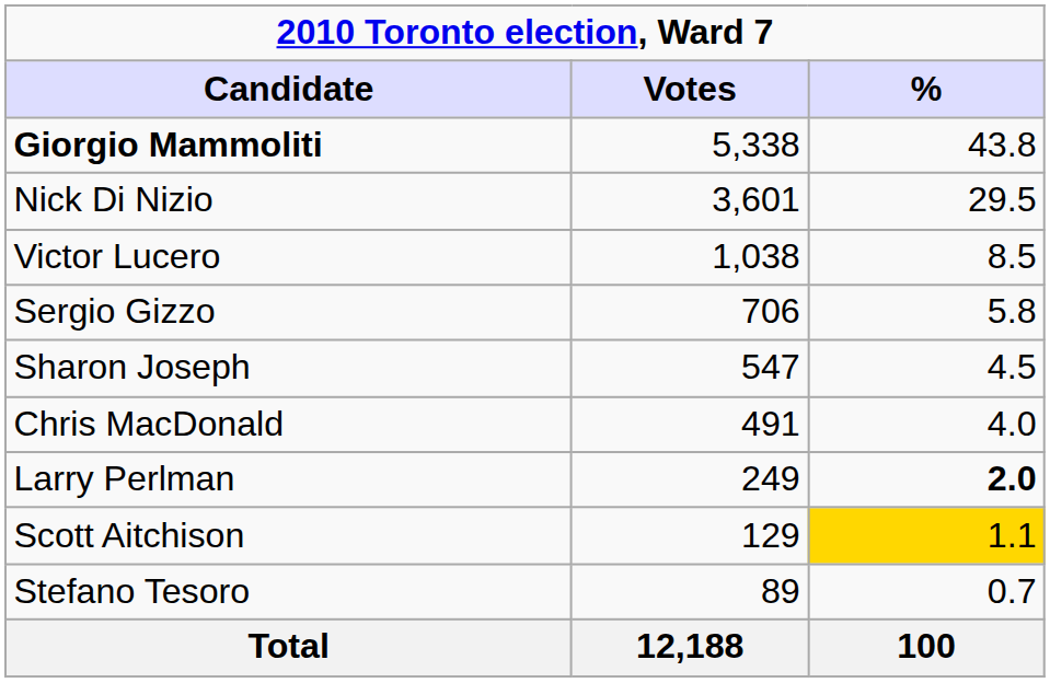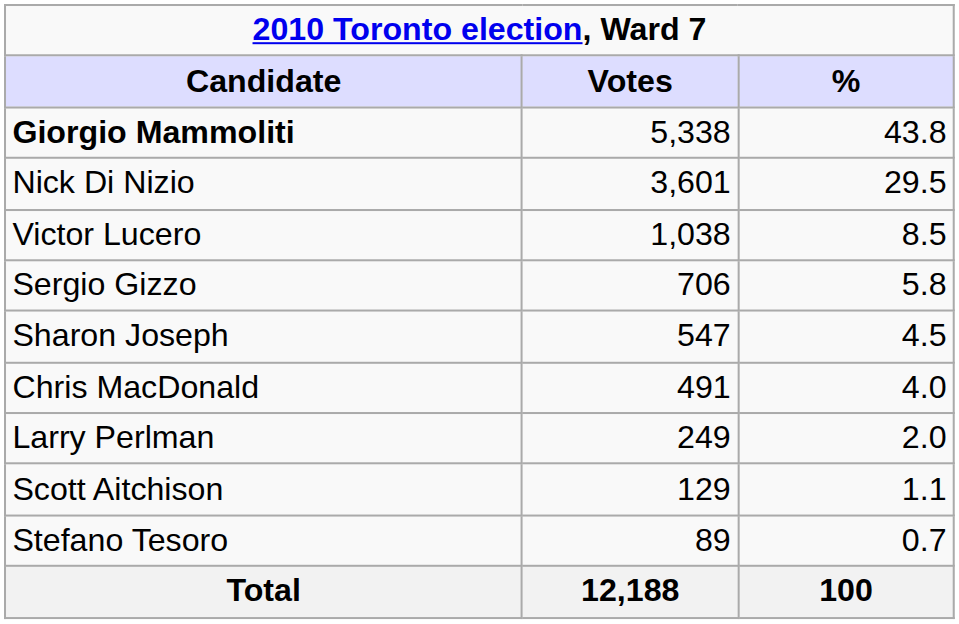 <table class="wikitable">
 <tr>
 <td colspan="3" style="text-align:center;"><strong><a href='#'>2010 Toronto election</a>, Ward 7</strong></td>
 </tr>
 <tr>
 <th style="background:#ddf; width:250px;">Candidate</th>
 <th style="background:#ddf; width:100px;">Votes</th>
 <th style="background:#ddf; width:100px;">%</th>
 </tr>
 <tr>
 <td><strong>Giorgio Mammoliti</strong></td>
 <td align=right>5,338</td>
 <td align=right>43.8</td>
 </tr>
 <tr>
 <td>Nick Di Nizio</td>
 <td align=right>3,601</td>
 <td align=right>29.5</td>
 </tr>
 <tr>
 <td>Victor Lucero</td>
 <td align=right>1,038</td>
 <td align=right>8.5</td>
 </tr>
 <tr>
 <td>Sergio Gizzo</td>
 <td align=right>706</td>
 <td align=right>5.8</td>
 </tr>
 <tr>
 <td>Sharon Joseph</td>
 <td align=right>547</td>
 <td align=right>4.5</td>
 </tr>
 <tr>
 <td>Chris MacDonald</td>
 <td align=right>491</td>
 <td align=right>4.0</td>
 </tr>
 <tr>
 <td>Larry Perlman</td>
 <td align=right>249</td>
-<td align=right><strong>2.0</strong></td>
+<td align=right>2.0</td>
 </tr>
 <tr>
 <td>Scott Aitchison</td>
 <td align=right>129</td>
-<td align=right style="background: gold;">1.1</td>
+<td align=right>1.1</td>
 </tr>
 <tr>
 <td>Stefano Tesoro</td>
 <td align=right>89</td>
 <td align=right>0.7</td>
 </tr>
 <tr>
 <th>Total</th>
 <th align=right>12,188</th>
 <th align=right>100</th>
 </tr>
 </table>
